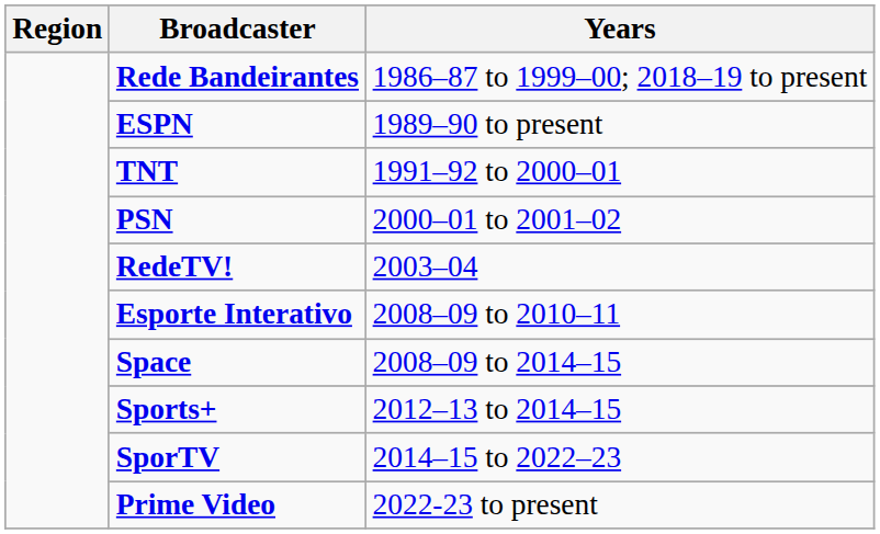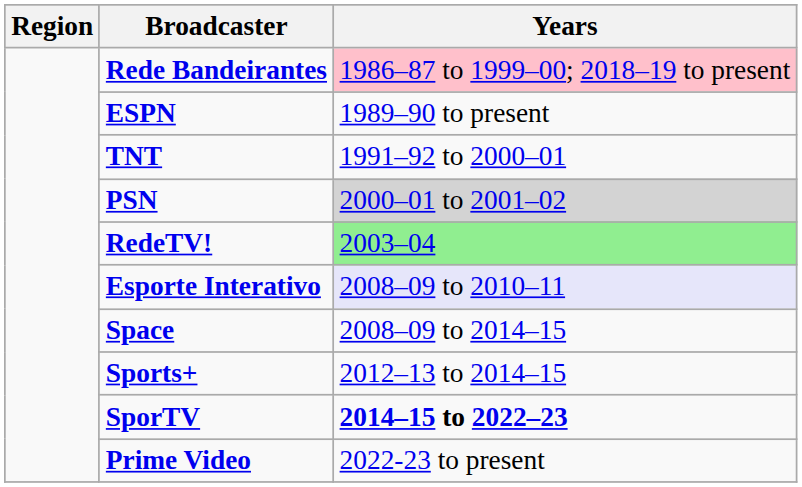 <table class="wikitable">
 <tr>
 <th>Region</th>
 <th>Broadcaster</th>
 <th>Years</th>
 </tr>
 <tr>
 <td rowspan="10"></td>
 <td><strong><a href='#'>Rede Bandeirantes</a></strong></td>
-<td><a href='#'>1986–87</a> to <a href='#'>1999–00</a>; <a href='#'>2018–19</a> to present</td>
+<td style="background: pink;"><a href='#'>1986–87</a> to <a href='#'>1999–00</a>; <a href='#'>2018–19</a> to present</td>
 </tr>
 <tr>
 <td><strong><a href='#'>ESPN</a></strong></td>
 <td><a href='#'>1989–90</a> to present</td>
 </tr>
 <tr>
 <td><strong><a href='#'>TNT</a></strong></td>
 <td><a href='#'>1991–92</a> to <a href='#'>2000–01</a></td>
 </tr>
 <tr>
 <td><strong><a href='#'>PSN</a></strong></td>
-<td><a href='#'>2000–01</a> to <a href='#'>2001–02</a></td>
+<td style="background: lightgrey;"><a href='#'>2000–01</a> to <a href='#'>2001–02</a></td>
 </tr>
 <tr>
 <td><strong><a href='#'>RedeTV!</a></strong></td>
-<td><a href='#'>2003–04</a></td>
+<td style="background: lightgreen;"><a href='#'>2003–04</a></td>
 </tr>
 <tr>
 <td><strong><a href='#'>Esporte Interativo</a></strong></td>
-<td><a href='#'>2008–09</a> to <a href='#'>2010–11</a></td>
+<td style="background: lavender;"><a href='#'>2008–09</a> to <a href='#'>2010–11</a></td>
 </tr>
 <tr>
 <td><strong><a href='#'>Space</a></strong></td>
 <td><a href='#'>2008–09</a> to <a href='#'>2014–15</a></td>
 </tr>
 <tr>
 <td><strong><a href='#'>Sports+</a></strong></td>
 <td><a href='#'>2012–13</a> to <a href='#'>2014–15</a></td>
 </tr>
 <tr>
 <td><strong><a href='#'>SporTV</a></strong></td>
-<td><a href='#'>2014–15</a> to <a href='#'>2022–23</a></td>
+<td><strong><a href='#'>2014–15</a> to <a href='#'>2022–23</a></strong></td>
 </tr>
 <tr>
 <td><strong><a href='#'>Prime Video</a></strong></td>
 <td><a href='#'>2022-23</a> to present</td>
 </tr>
 </table>
